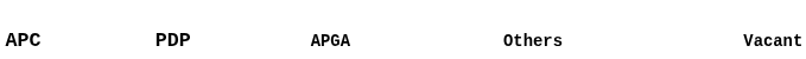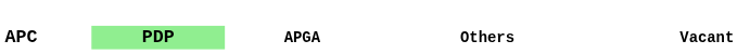 <table style="width:100%; text-align:center">
 <tr style="color:white">
 <td style="background:"><strong>202</strong></td>
 <td style="background:"><strong>126</strong></td>
 <td style="background:"><small><strong>9</strong></small></td>
 <td style="background:"><small><strong>11</strong></small></td>
 <td style="background:"><small><strong>12</strong></small></td>
 </tr>
 <tr>
 <td style="color:"><strong>APC</strong></td>
-<td style="color:"><strong>PDP</strong></td>
+<td style="background: lightgreen; color:"><strong>PDP</strong></td>
 <td style="color:"><small><strong>APGA</strong></small></td>
 <td style="color:"><small><strong>Others</strong></small></td>
 <td style="color:"><small><strong>Vacant</strong></small></td>
 </tr>
 </table>
